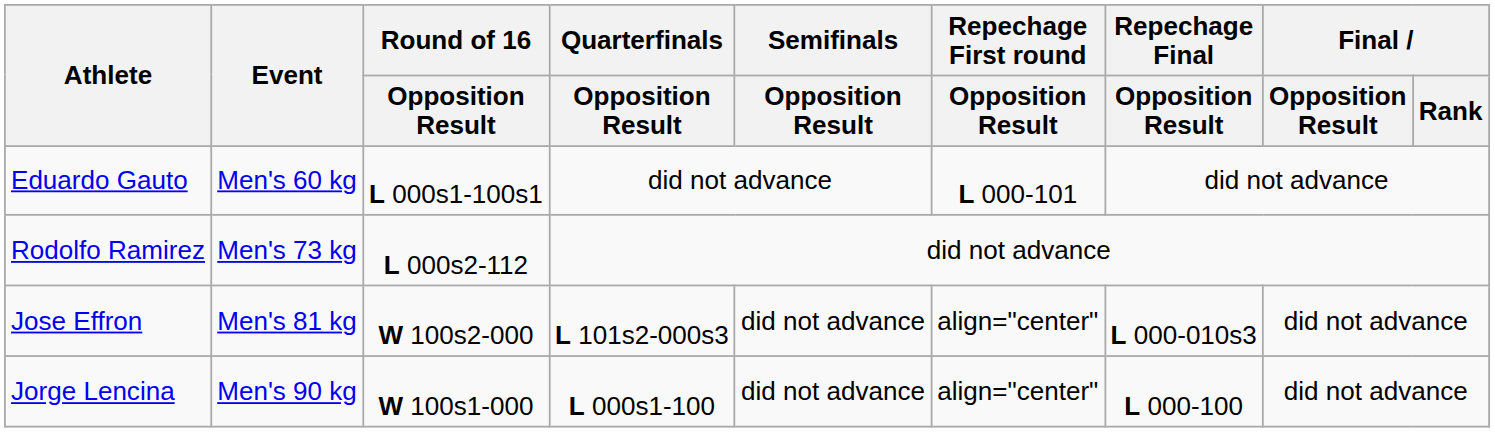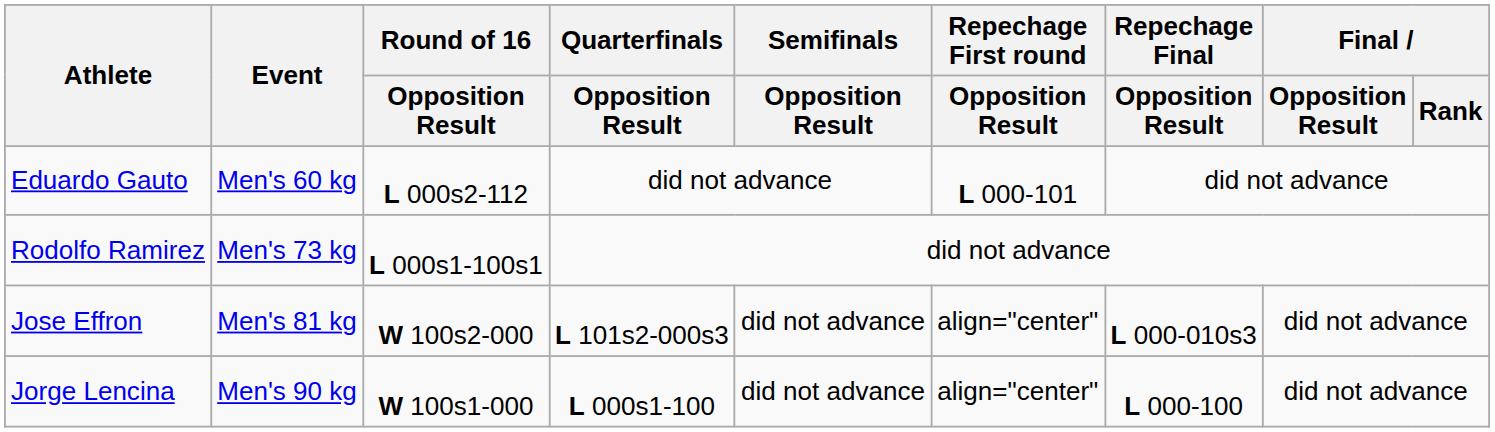 <table class=wikitable style="font-size:90%">
 <tr>
 <th rowspan="2">Athlete</th>
 <th rowspan="2">Event</th>
 <th>Round of 16</th>
 <th>Quarterfinals</th>
 <th>Semifinals</th>
 <th>Repechage<br>First round</th>
 <th>Repechage<br>Final</th>
 <th colspan="2">Final / </th>
 </tr>
 <tr>
 <th>Opposition<br>Result</th>
 <th>Opposition<br>Result</th>
 <th>Opposition<br>Result</th>
 <th>Opposition<br>Result</th>
 <th>Opposition<br>Result</th>
 <th>Opposition<br>Result</th>
 <th>Rank</th>
 </tr>
 <tr>
 <td><a href='#'>Eduardo Gauto</a></td>
 <td><a href='#'>Men's 60 kg</a></td>
-<td align="center"> <br> <strong>L</strong> 000s1-100s1</td>
+<td align="center"> <br> <strong>L</strong> 000s2-112</td>
 <td align="center" colspan=2>did not advance</td>
 <td align="center"> <br> <strong>L</strong> 000-101</td>
 <td align="center" colspan=3>did not advance</td>
 </tr>
 <tr>
 <td><a href='#'>Rodolfo Ramirez</a></td>
 <td><a href='#'>Men's 73 kg</a></td>
-<td align="center"> <br> <strong>L</strong> 000s2-112</td>
+<td align="center"> <br> <strong>L</strong> 000s1-100s1</td>
 <td align="center" colspan=6>did not advance</td>
 </tr>
 <tr>
 <td><a href='#'>Jose Effron</a></td>
 <td><a href='#'>Men's 81 kg</a></td>
 <td align="center"> <br> <strong>W</strong> 100s2-000</td>
 <td align="center"> <br> <strong>L</strong> 101s2-000s3</td>
 <td align="center">did not advance</td>
 <td>align="center" </td>
 <td align="center"> <br><strong>L</strong> 000-010s3</td>
 <td align="center" colspan=2>did not advance</td>
 </tr>
 <tr>
 <td><a href='#'>Jorge Lencina</a></td>
 <td><a href='#'>Men's 90 kg</a></td>
 <td align="center"> <br> <strong>W</strong> 100s1-000</td>
 <td align="center"> <br> <strong>L</strong> 000s1-100</td>
 <td align="center">did not advance</td>
 <td>align="center" </td>
 <td align="center"> <br> <strong>L</strong> 000-100</td>
 <td align="center" colspan=2>did not advance</td>
 </tr>
 </table>
